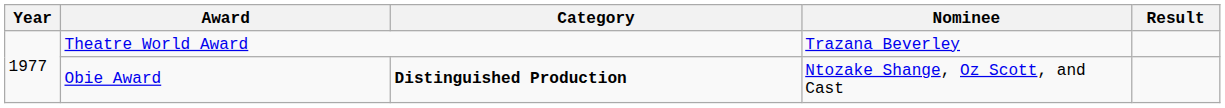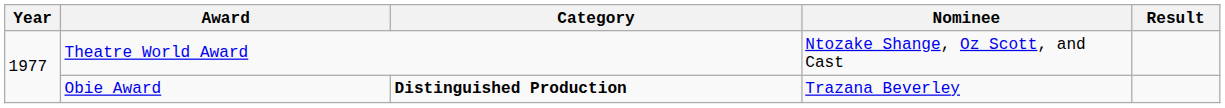 <table class="wikitable">
 <tr>
 <th scope="col" style="width:3em;">Year</th>
 <th scope="col" style="width:20em;">Award</th>
 <th scope="col" style="width:25em;">Category</th>
 <th scope="col" style="width:20em;">Nominee</th>
 <th scope="col" style="width:5em;">Result</th>
 </tr>
 <tr>
 <td rowspan="2">1977</td>
 <td colspan="2"><a href='#'>Theatre World Award</a></td>
-<td><a href='#'>Trazana Beverley</a></td>
+<td><a href='#'>Ntozake Shange</a>, <a href='#'>Oz Scott</a>, and Cast</td>
 <td></td>
 </tr>
 <tr>
 <td><a href='#'>Obie Award</a></td>
 <td><strong>Distinguished Production</strong></td>
-<td><a href='#'>Ntozake Shange</a>, <a href='#'>Oz Scott</a>, and Cast</td>
+<td><a href='#'>Trazana Beverley</a></td>
 <td></td>
 </tr>
 </table>
